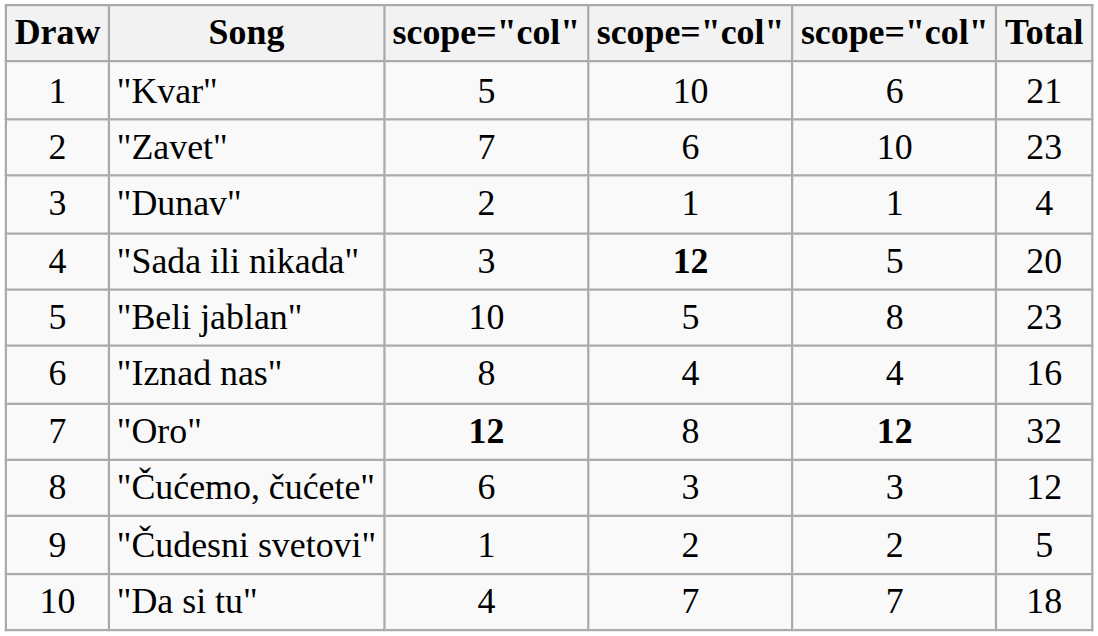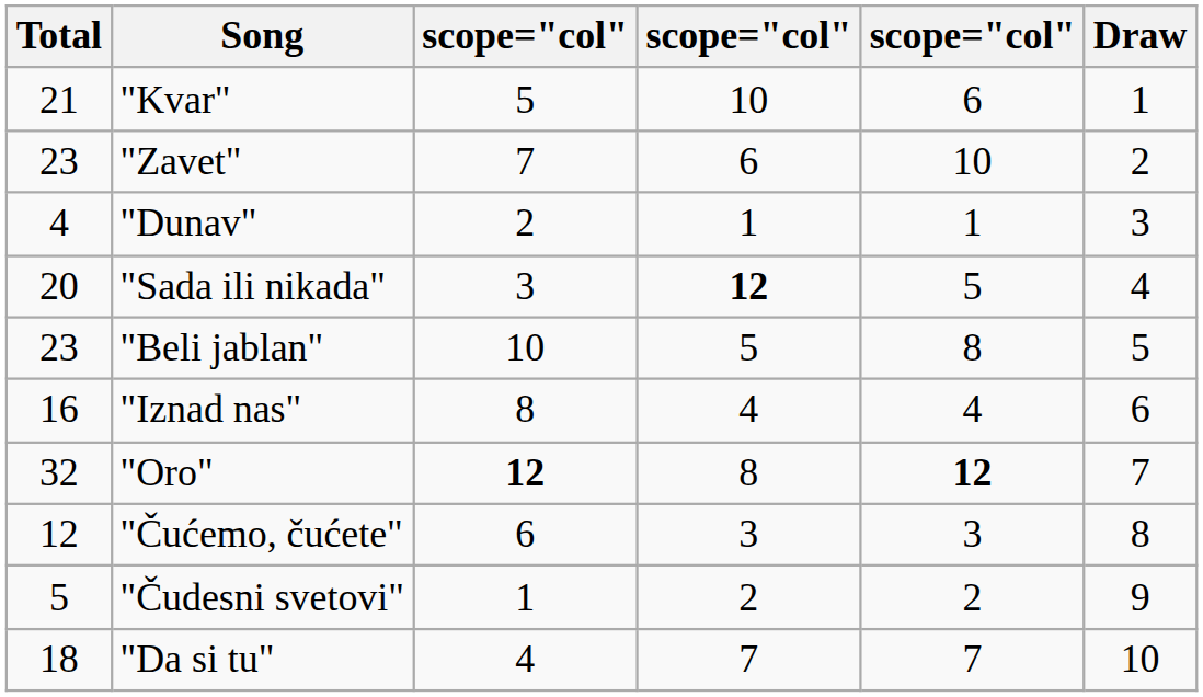 <table class="wikitable collapsible" style="margin: 1em auto 1em auto; text-align:center;">
 <tr>
-<th>Draw</th>
+<th>Total</th>
 <th>Song</th>
 <th>scope="col" </th>
 <th>scope="col" </th>
 <th>scope="col" </th>
-<th>Total</th>
+<th>Draw</th>
 </tr>
 <tr>
-<td>1</td>
+<td>21</td>
 <td align="left">"Kvar"</td>
 <td>5</td>
 <td>10</td>
 <td>6</td>
-<td>21</td>
+<td>1</td>
 </tr>
 <tr>
-<td>2</td>
+<td>23</td>
 <td align="left">"Zavet"</td>
 <td>7</td>
 <td>6</td>
 <td>10</td>
-<td>23</td>
+<td>2</td>
 </tr>
 <tr>
-<td>3</td>
+<td>4</td>
 <td align="left">"Dunav"</td>
 <td>2</td>
 <td>1</td>
 <td>1</td>
-<td>4</td>
+<td>3</td>
 </tr>
 <tr>
-<td>4</td>
+<td>20</td>
 <td align="left">"Sada ili nikada"</td>
 <td>3</td>
 <td><strong>12</strong></td>
 <td>5</td>
-<td>20</td>
+<td>4</td>
 </tr>
 <tr>
-<td>5</td>
+<td>23</td>
 <td align="left">"Beli jablan"</td>
 <td>10</td>
 <td>5</td>
 <td>8</td>
-<td>23</td>
+<td>5</td>
 </tr>
 <tr>
-<td>6</td>
+<td>16</td>
 <td align="left">"Iznad nas"</td>
 <td>8</td>
 <td>4</td>
 <td>4</td>
-<td>16</td>
+<td>6</td>
 </tr>
 <tr>
-<td>7</td>
+<td>32</td>
 <td align="left">"Oro"</td>
 <td><strong>12</strong></td>
 <td>8</td>
 <td><strong>12</strong></td>
-<td>32</td>
+<td>7</td>
 </tr>
 <tr>
-<td>8</td>
+<td>12</td>
 <td align="left">"Čućemo, čućete"</td>
 <td>6</td>
 <td>3</td>
 <td>3</td>
-<td>12</td>
+<td>8</td>
 </tr>
 <tr>
-<td>9</td>
+<td>5</td>
 <td align="left">"Čudesni svetovi"</td>
 <td>1</td>
 <td>2</td>
 <td>2</td>
-<td>5</td>
+<td>9</td>
 </tr>
 <tr>
-<td>10</td>
+<td>18</td>
 <td align="left">"Da si tu"</td>
 <td>4</td>
 <td>7</td>
 <td>7</td>
-<td>18</td>
+<td>10</td>
 </tr>
 </table>
